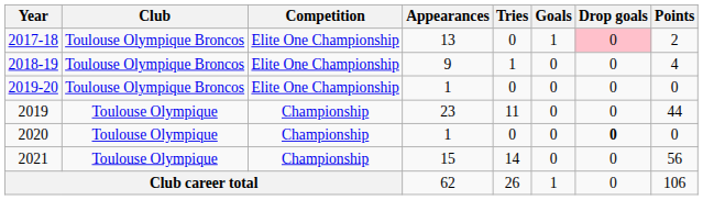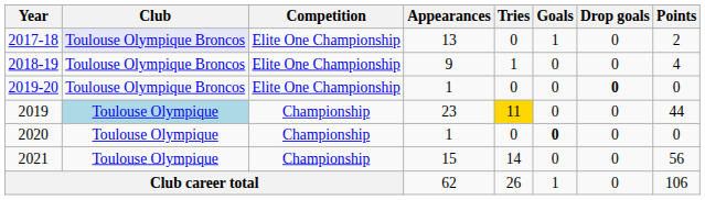 <table class=wikitable style="text-align: center;">
 <tr>
 <th>Year</th>
 <th>Club</th>
 <th>Competition</th>
 <th>Appearances</th>
 <th>Tries</th>
 <th>Goals</th>
 <th>Drop goals</th>
 <th>Points</th>
 </tr>
 <tr>
 <td><a href='#'>2017-18</a></td>
-<td> <a href='#'>Toulouse Olympique Broncos</a></td>
+<td style="background: lavender;"> <a href='#'>Toulouse Olympique Broncos</a></td>
 <td><a href='#'>Elite One Championship</a></td>
 <td>13</td>
 <td>0</td>
 <td>1</td>
-<td style="background: pink;">0</td>
+<td>0</td>
 <td>2</td>
 </tr>
 <tr>
 <td><a href='#'>2018-19</a></td>
 <td> <a href='#'>Toulouse Olympique Broncos</a></td>
 <td><a href='#'>Elite One Championship</a></td>
 <td>9</td>
 <td>1</td>
 <td>0</td>
 <td>0</td>
 <td>4</td>
 </tr>
 <tr>
 <td><a href='#'>2019-20</a></td>
 <td> <a href='#'>Toulouse Olympique Broncos</a></td>
 <td><a href='#'>Elite One Championship</a></td>
 <td>1</td>
 <td>0</td>
 <td>0</td>
-<td>0</td>
+<td><strong>0</strong></td>
 <td>0</td>
 </tr>
 <tr>
 <td>2019</td>
-<td> <a href='#'>Toulouse Olympique</a></td>
+<td style="background: lightblue;"> <a href='#'>Toulouse Olympique</a></td>
 <td><a href='#'>Championship</a></td>
 <td>23</td>
-<td>11</td>
+<td style="background: gold;">11</td>
 <td>0</td>
 <td>0</td>
 <td>44</td>
 </tr>
 <tr>
 <td>2020</td>
 <td> <a href='#'>Toulouse Olympique</a></td>
 <td><a href='#'>Championship</a></td>
 <td>1</td>
 <td>0</td>
+<td><strong>0</strong></td>
 <td>0</td>
-<td><strong>0</strong></td>
 <td>0</td>
 </tr>
 <tr>
 <td>2021</td>
 <td> <a href='#'>Toulouse Olympique</a></td>
 <td><a href='#'>Championship</a></td>
 <td>15</td>
 <td>14</td>
 <td>0</td>
 <td>0</td>
 <td>56</td>
 </tr>
 <tr>
 <th colspan=3>Club career total</th>
 <td>62</td>
 <td>26</td>
 <td>1</td>
 <td>0</td>
 <td>106</td>
 </tr>
 </table>
